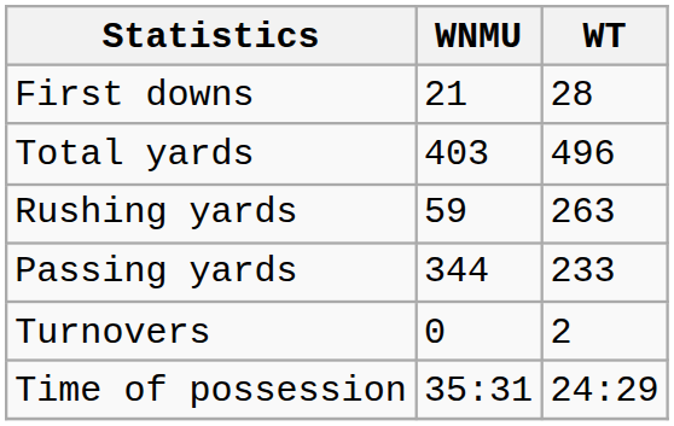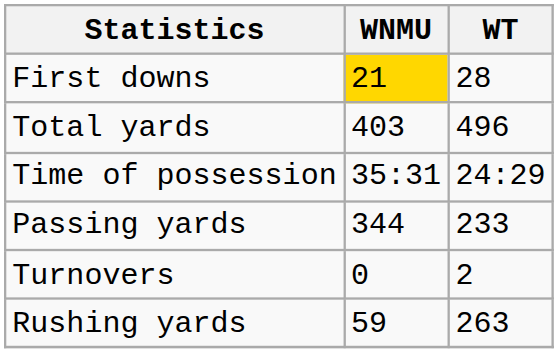 <table class="wikitable">
 <tr>
 <th>Statistics</th>
 <th>WNMU</th>
 <th>WT</th>
 </tr>
 <tr>
 <td>First downs</td>
-<td>21</td>
+<td style="background: gold;">21</td>
 <td>28</td>
 </tr>
 <tr>
 <td>Total yards</td>
 <td>403</td>
 <td>496</td>
 </tr>
 <tr>
-<td>Rushing yards</td>
-<td>59</td>
-<td>263</td>
+<td>Time of possession</td>
+<td>35:31</td>
+<td>24:29</td>
 </tr>
 <tr>
 <td>Passing yards</td>
 <td>344</td>
 <td>233</td>
 </tr>
 <tr>
 <td>Turnovers</td>
 <td>0</td>
 <td>2</td>
 </tr>
 <tr>
-<td>Time of possession</td>
-<td>35:31</td>
-<td>24:29</td>
+<td>Rushing yards</td>
+<td>59</td>
+<td>263</td>
 </tr>
 <tr>
 </tr>
 </table>
